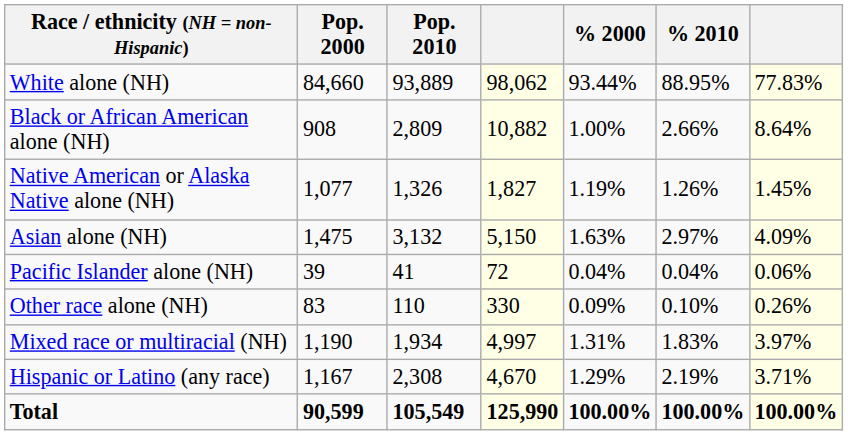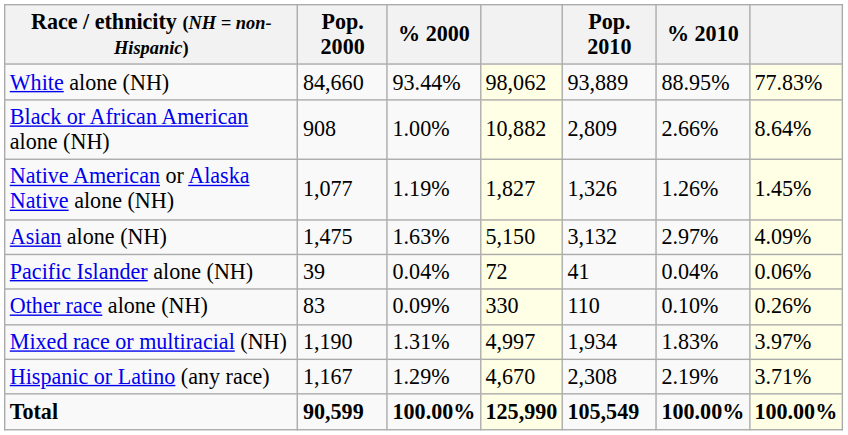 <table class="wikitable">
 <tr>
 <th>Race / ethnicity <small>(<em>NH = non-Hispanic</em>)</small></th>
 <th>Pop. 2000</th>
+<th>% 2000</th>
+<th></th>
 <th>Pop. 2010</th>
-<th></th>
-<th>% 2000</th>
 <th>% 2010</th>
 <th></th>
 </tr>
 <tr>
 <td><a href='#'>White</a> alone (NH)</td>
 <td>84,660</td>
+<td>93.44%</td>
+<td style='background: #ffffe6;'>98,062</td>
 <td>93,889</td>
-<td style='background: #ffffe6;'>98,062</td>
-<td>93.44%</td>
 <td>88.95%</td>
 <td style='background: #ffffe6;'>77.83%</td>
 </tr>
 <tr>
 <td><a href='#'>Black or African American</a> alone (NH)</td>
 <td>908</td>
+<td>1.00%</td>
+<td style='background: #ffffe6;'>10,882</td>
 <td>2,809</td>
-<td style='background: #ffffe6;'>10,882</td>
-<td>1.00%</td>
 <td>2.66%</td>
 <td style='background: #ffffe6;'>8.64%</td>
 </tr>
 <tr>
 <td><a href='#'>Native American</a> or <a href='#'>Alaska Native</a> alone (NH)</td>
 <td>1,077</td>
+<td>1.19%</td>
+<td style='background: #ffffe6;'>1,827</td>
 <td>1,326</td>
-<td style='background: #ffffe6;'>1,827</td>
-<td>1.19%</td>
 <td>1.26%</td>
 <td style='background: #ffffe6;'>1.45%</td>
 </tr>
 <tr>
 <td><a href='#'>Asian</a> alone (NH)</td>
 <td>1,475</td>
+<td>1.63%</td>
+<td style='background: #ffffe6;'>5,150</td>
 <td>3,132</td>
-<td style='background: #ffffe6;'>5,150</td>
-<td>1.63%</td>
 <td>2.97%</td>
 <td style='background: #ffffe6;'>4.09%</td>
 </tr>
 <tr>
 <td><a href='#'>Pacific Islander</a> alone (NH)</td>
 <td>39</td>
+<td>0.04%</td>
+<td style='background: #ffffe6;'>72</td>
 <td>41</td>
-<td style='background: #ffffe6;'>72</td>
-<td>0.04%</td>
 <td>0.04%</td>
 <td style='background: #ffffe6;'>0.06%</td>
 </tr>
 <tr>
 <td><a href='#'>Other race</a> alone (NH)</td>
 <td>83</td>
+<td>0.09%</td>
+<td style='background: #ffffe6;'>330</td>
 <td>110</td>
-<td style='background: #ffffe6;'>330</td>
-<td>0.09%</td>
 <td>0.10%</td>
 <td style='background: #ffffe6;'>0.26%</td>
 </tr>
 <tr>
 <td><a href='#'>Mixed race or multiracial</a> (NH)</td>
 <td>1,190</td>
+<td>1.31%</td>
+<td style='background: #ffffe6;'>4,997</td>
 <td>1,934</td>
-<td style='background: #ffffe6;'>4,997</td>
-<td>1.31%</td>
 <td>1.83%</td>
 <td style='background: #ffffe6;'>3.97%</td>
 </tr>
 <tr>
 <td><a href='#'>Hispanic or Latino</a> (any race)</td>
 <td>1,167</td>
+<td>1.29%</td>
+<td style='background: #ffffe6;'>4,670</td>
 <td>2,308</td>
-<td style='background: #ffffe6;'>4,670</td>
-<td>1.29%</td>
 <td>2.19%</td>
 <td style='background: #ffffe6;'>3.71%</td>
 </tr>
 <tr>
 <td><strong>Total</strong></td>
 <td><strong>90,599</strong></td>
+<td><strong>100.00%</strong></td>
+<td style='background: #ffffe6;'><strong>125,990</strong></td>
 <td><strong>105,549</strong></td>
-<td style='background: #ffffe6;'><strong>125,990</strong></td>
-<td><strong>100.00%</strong></td>
 <td><strong>100.00%</strong></td>
 <td style='background: #ffffe6;'><strong>100.00%</strong></td>
 </tr>
 </table>
